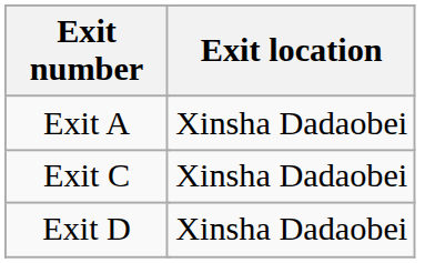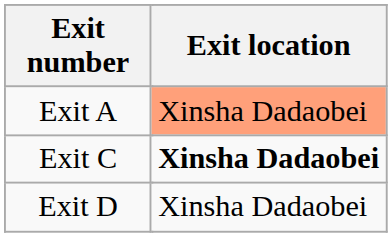 <table class="wikitable">
 <tr>
 <th style="width:70px" colspan="2">Exit number</th>
 <th>Exit location</th>
 </tr>
 <tr>
 <td align="center" colspan="2">Exit A</td>
-<td>Xinsha Dadaobei</td>
+<td style="background: lightsalmon;">Xinsha Dadaobei</td>
 </tr>
 <tr>
 <td align="center" colspan="2">Exit C</td>
-<td>Xinsha Dadaobei</td>
+<td><strong>Xinsha Dadaobei</strong></td>
 </tr>
 <tr>
 <td align="center" colspan="2">Exit D</td>
 <td>Xinsha Dadaobei</td>
 </tr>
 </table>
